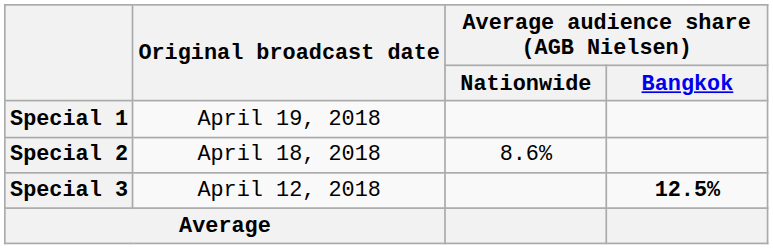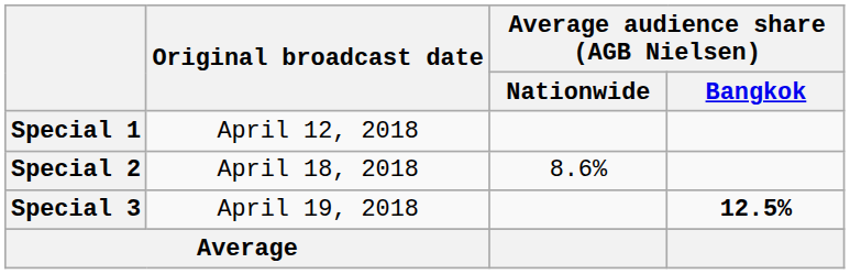 <table class="wikitable" style="text-align:center">
 <tr>
 <th rowspan="2"></th>
 <th rowspan="2">Original broadcast date</th>
 <th colspan="2">Average audience share<br>(AGB Nielsen)</th>
 </tr>
 <tr>
 <th width="90">Nationwide</th>
 <th width="90"><a href='#'>Bangkok</a></th>
 </tr>
 <tr>
 <th>Special 1</th>
-<td>April 19, 2018</td>
+<td>April 12, 2018</td>
 <td></td>
 <td></td>
 </tr>
 <tr>
 <th>Special 2</th>
 <td>April 18, 2018</td>
 <td>8.6%</td>
 <td></td>
 </tr>
 <tr>
 <th>Special 3</th>
-<td>April 12, 2018</td>
+<td>April 19, 2018</td>
 <td></td>
 <td><strong>12.5%</strong></td>
 </tr>
 <tr>
 <th colspan="2">Average</th>
 <th></th>
 <th></th>
 </tr>
 </table>
